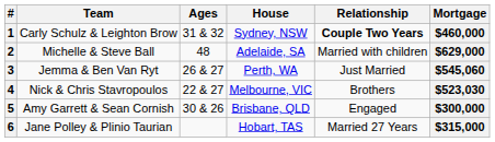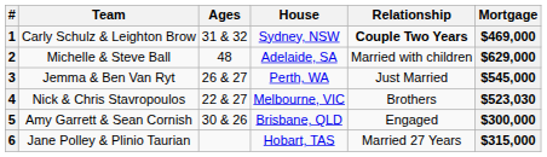 <table class="wikitable" style="text-align: center;”">
 <tr valign="top">
 <th>#</th>
 <th>Team</th>
 <th>Ages</th>
 <th>House</th>
 <th>Relationship</th>
 <th>Mortgage</th>
 </tr>
 <tr>
 <th scope="col" style="background; color:black;">1</th>
 <td>Carly Schulz & Leighton Brow</td>
 <td>31 & 32</td>
 <td><a href='#'>Sydney, NSW</a></td>
 <td><strong>Couple Two Years</strong></td>
-<th>$460,000</th>
+<th>$469,000</th>
 </tr>
 <tr>
 <th scope="col" style="background:; color:black;">2</th>
 <td>Michelle & Steve Ball</td>
 <td>48</td>
 <td><a href='#'>Adelaide, SA</a></td>
 <td>Married with children</td>
 <th>$629,000</th>
 </tr>
 <tr>
 <th scope="col" style="background:; color:black;">3</th>
 <td>Jemma & Ben Van Ryt</td>
 <td>26 & 27</td>
 <td><a href='#'>Perth, WA</a></td>
 <td>Just Married</td>
-<th>$545,060</th>
+<th>$545,000</th>
 </tr>
 <tr>
 <th scope="col" style="background:; color:black;">4</th>
 <td>Nick & Chris Stavropoulos</td>
 <td>22 & 27</td>
 <td><a href='#'>Melbourne, VIC</a></td>
 <td>Brothers</td>
 <th>$523,030</th>
 </tr>
 <tr>
 <th scope="col" style="background:; color:black;">5</th>
 <td>Amy Garrett & Sean Cornish</td>
 <td>30 & 26</td>
 <td><a href='#'>Brisbane, QLD</a></td>
 <td>Engaged</td>
 <th>$300,000</th>
 </tr>
 <tr>
 <th scope="col" style="background:; color:black;">6</th>
 <td>Jane Polley & Plinio Taurian</td>
 <td></td>
 <td><a href='#'>Hobart, TAS</a></td>
 <td>Married 27 Years</td>
 <th>$315,000</th>
 </tr>
 </table>
